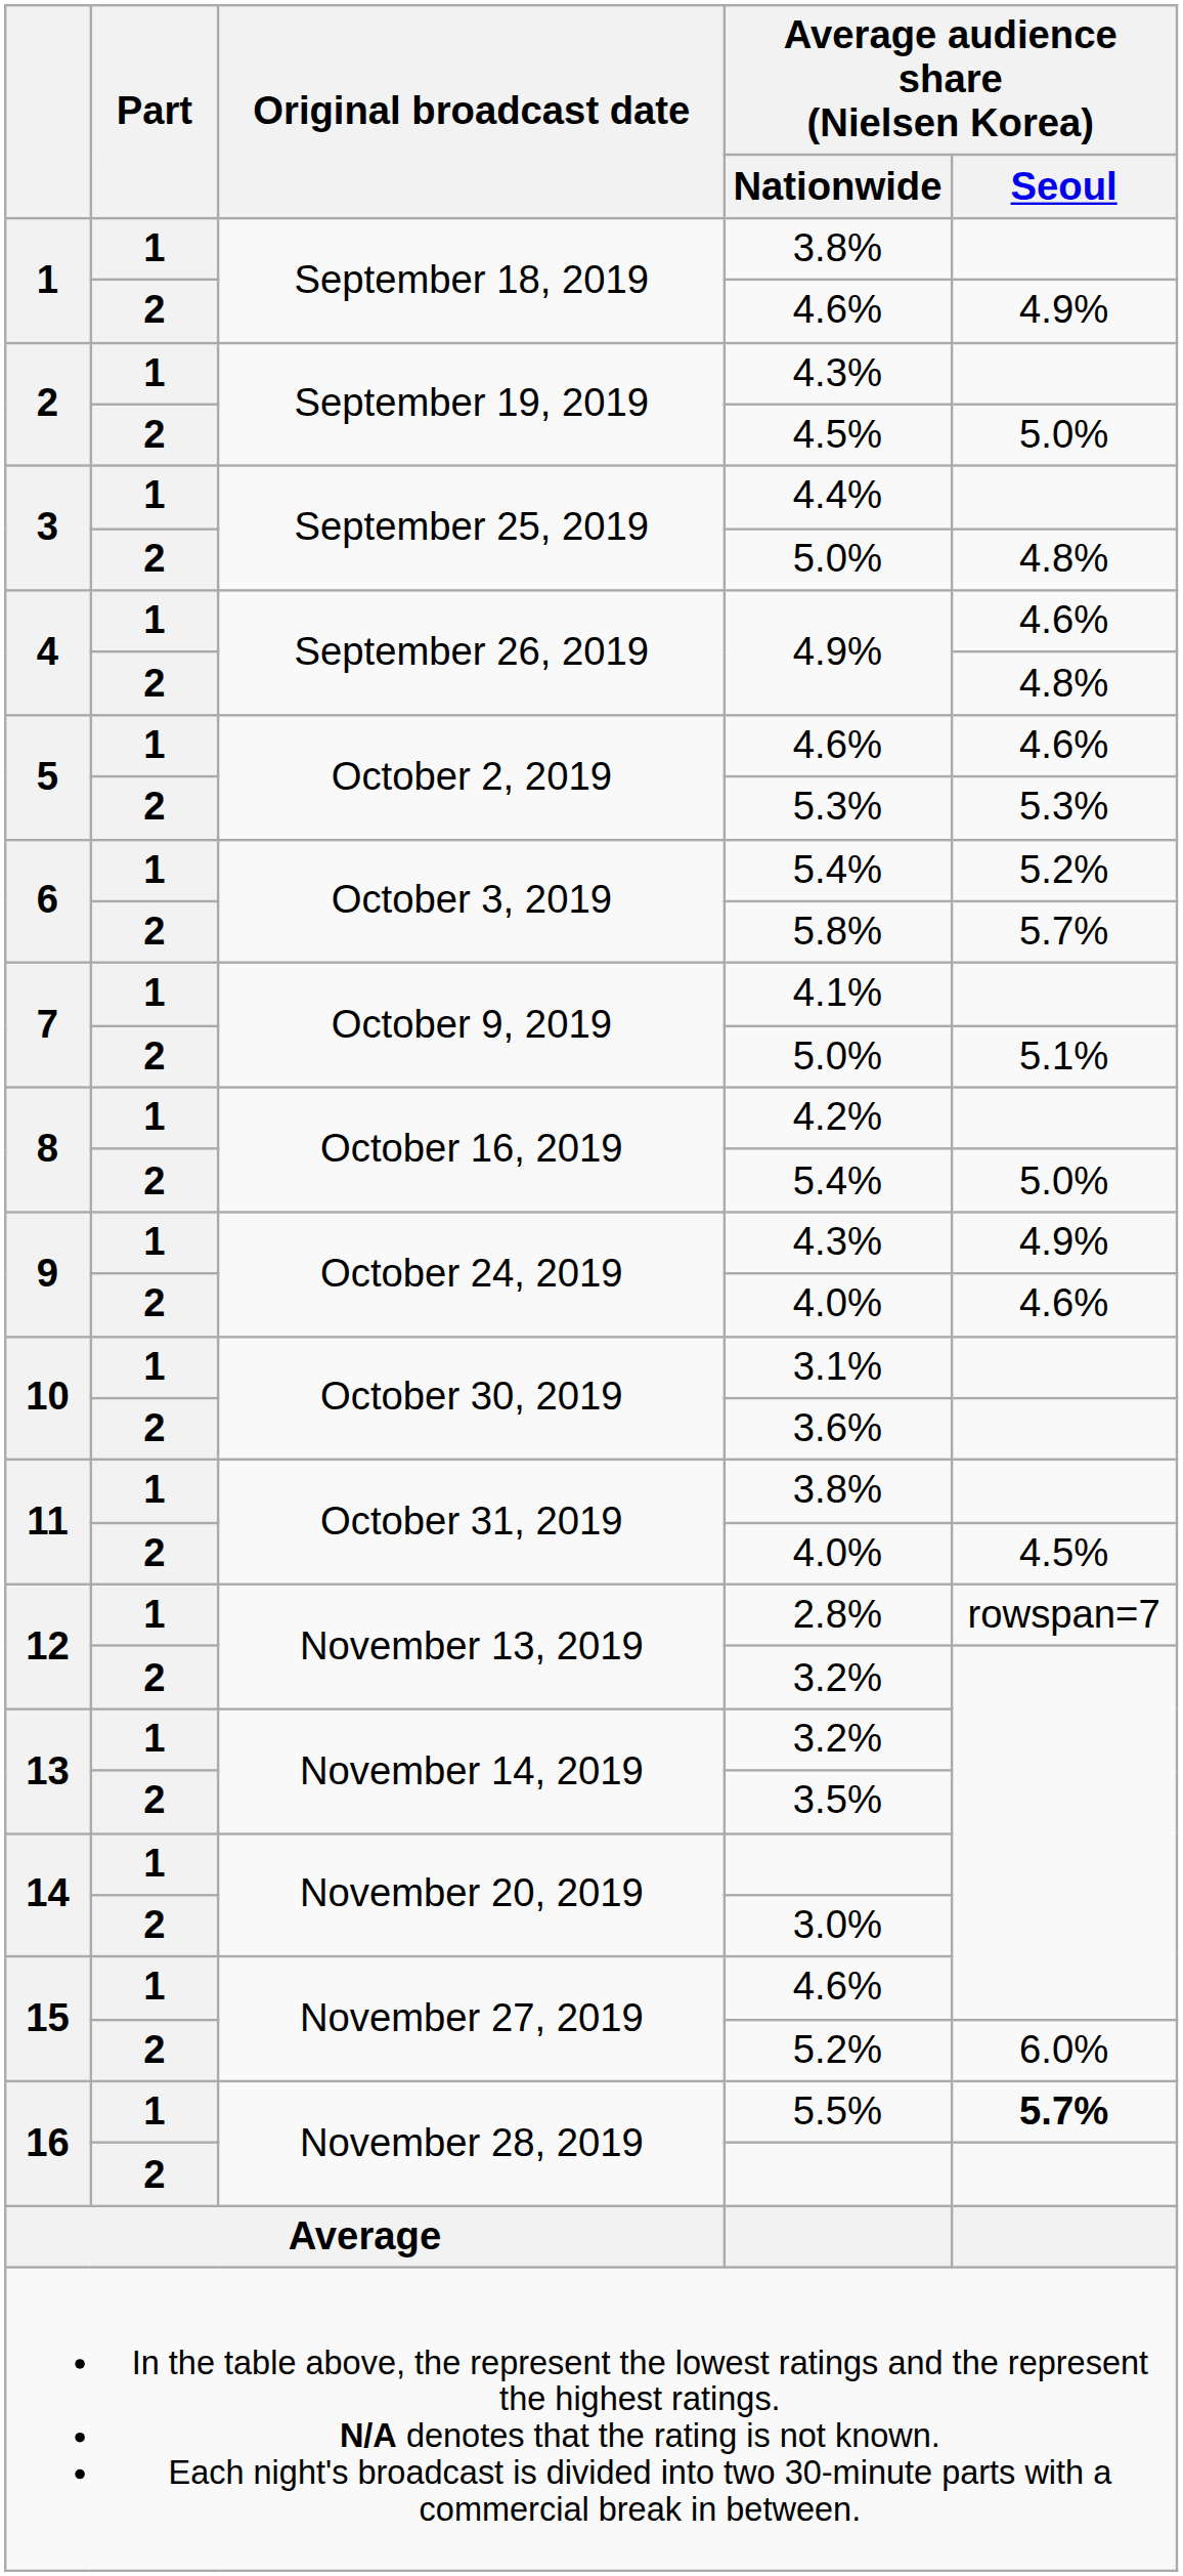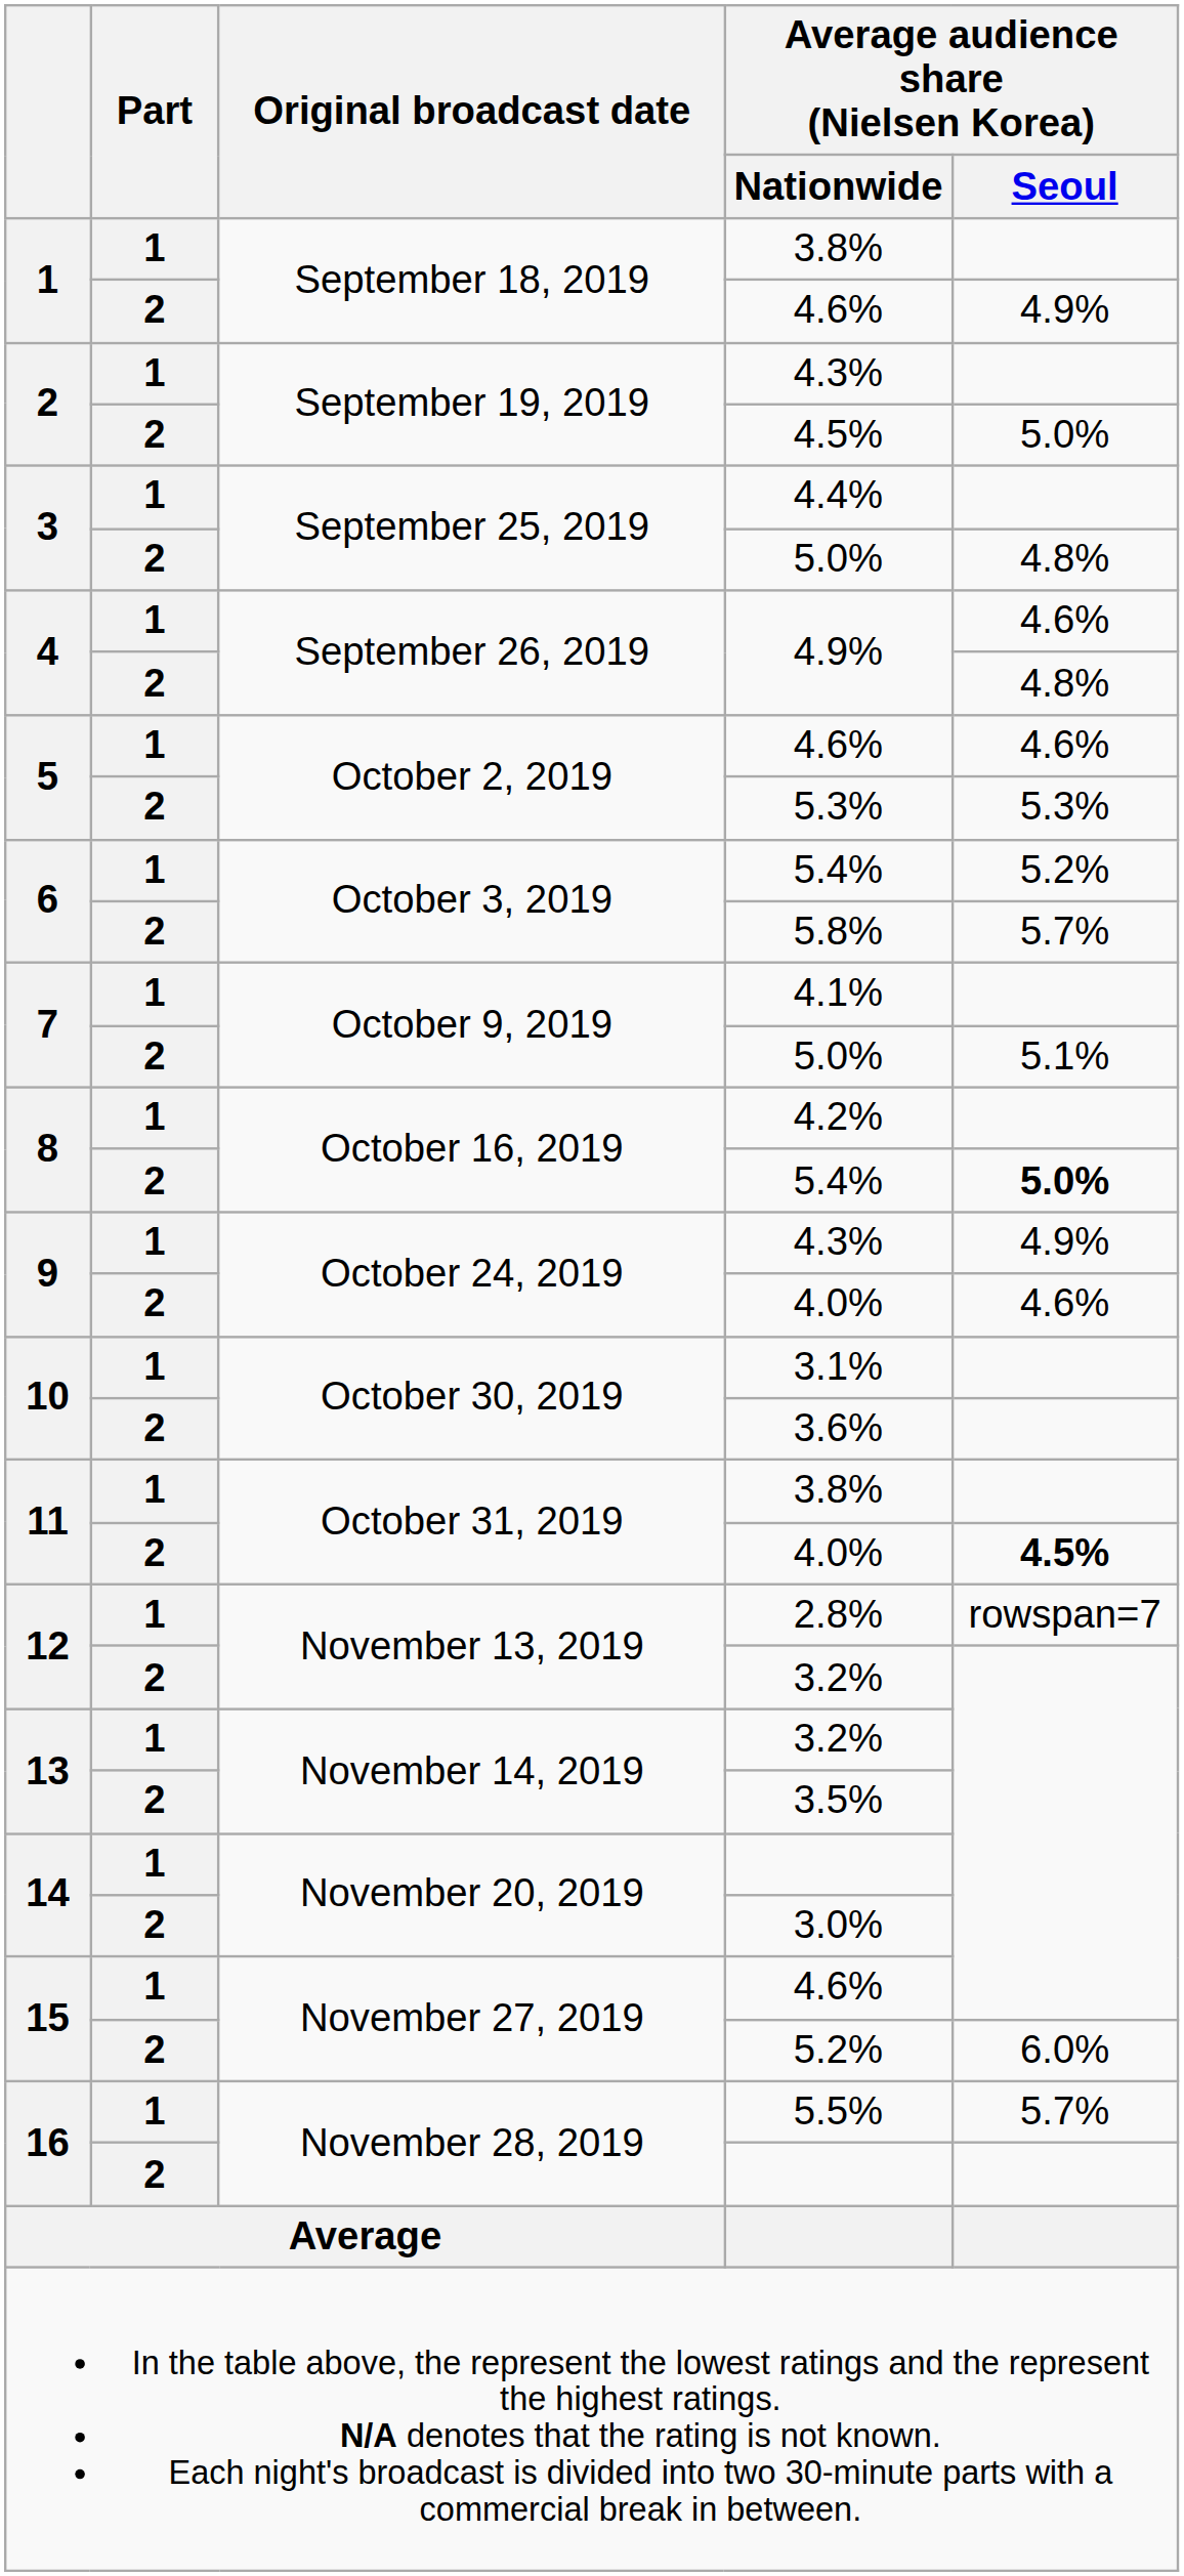 <table class="wikitable" style="text-align:center; width:480px">
 <tr>
 <th rowspan="2"></th>
 <th rowspan="2">Part</th>
 <th rowspan="2">Original broadcast date</th>
 <th colspan="2">Average audience share<br>(Nielsen Korea)</th>
 </tr>
 <tr>
 <th width="85">Nationwide</th>
 <th width="85"><a href='#'>Seoul</a></th>
 </tr>
 <tr>
 <th rowspan="2">1</th>
 <th>1</th>
 <td rowspan="2">September 18, 2019</td>
 <td>3.8%</td>
 <td></td>
 </tr>
 <tr>
 <th>2</th>
 <td>4.6%</td>
 <td>4.9%</td>
 </tr>
 <tr>
 <th rowspan="2">2</th>
 <th>1</th>
 <td rowspan="2">September 19, 2019</td>
 <td>4.3%</td>
 <td></td>
 </tr>
 <tr>
 <th>2</th>
 <td>4.5%</td>
 <td>5.0%</td>
 </tr>
 <tr>
 <th rowspan="2">3</th>
 <th>1</th>
 <td rowspan="2">September 25, 2019</td>
 <td>4.4%</td>
 <td></td>
 </tr>
 <tr>
 <th>2</th>
 <td>5.0%</td>
 <td>4.8%</td>
 </tr>
 <tr>
 <th rowspan="2">4</th>
 <th>1</th>
 <td rowspan="2">September 26, 2019</td>
 <td rowspan="2">4.9%</td>
 <td>4.6%</td>
 </tr>
 <tr>
 <th>2</th>
 <td>4.8%</td>
 </tr>
 <tr>
 <th rowspan="2">5</th>
 <th>1</th>
 <td rowspan="2">October 2, 2019</td>
 <td>4.6%</td>
 <td>4.6%</td>
 </tr>
 <tr>
 <th>2</th>
 <td>5.3%</td>
 <td>5.3%</td>
 </tr>
 <tr>
 <th rowspan="2">6</th>
 <th>1</th>
 <td rowspan="2">October 3, 2019</td>
 <td>5.4%</td>
 <td>5.2%</td>
 </tr>
 <tr>
 <th>2</th>
 <td>5.8%</td>
 <td>5.7%</td>
 </tr>
 <tr>
 <th rowspan="2">7</th>
 <th>1</th>
 <td rowspan="2">October 9, 2019</td>
 <td>4.1%</td>
 <td></td>
 </tr>
 <tr>
 <th>2</th>
 <td>5.0%</td>
 <td>5.1%</td>
 </tr>
 <tr>
 <th rowspan="2">8</th>
 <th>1</th>
 <td rowspan="2">October 16, 2019</td>
 <td>4.2%</td>
 <td></td>
 </tr>
 <tr>
 <th>2</th>
 <td>5.4%</td>
-<td>5.0%</td>
+<td><strong>5.0%</strong></td>
 </tr>
 <tr>
 <th rowspan="2">9</th>
 <th>1</th>
 <td rowspan="2">October 24, 2019</td>
 <td>4.3%</td>
 <td>4.9%</td>
 </tr>
 <tr>
 <th>2</th>
 <td>4.0%</td>
 <td>4.6%</td>
 </tr>
 <tr>
 <th rowspan="2">10</th>
 <th>1</th>
 <td rowspan="2">October 30, 2019</td>
 <td>3.1%</td>
 <td></td>
 </tr>
 <tr>
 <th>2</th>
 <td>3.6%</td>
 <td></td>
 </tr>
 <tr>
 <th rowspan="2">11</th>
 <th>1</th>
 <td rowspan="2">October 31, 2019</td>
 <td>3.8%</td>
 <td></td>
 </tr>
 <tr>
 <th>2</th>
 <td>4.0%</td>
-<td>4.5%</td>
+<td><strong>4.5%</strong></td>
 </tr>
 <tr>
 <th rowspan="2">12</th>
 <th>1</th>
 <td rowspan="2">November 13, 2019</td>
 <td>2.8%</td>
 <td>rowspan=7 </td>
 </tr>
 <tr>
 <th>2</th>
 <td>3.2%</td>
 </tr>
 <tr>
 <th rowspan="2">13</th>
 <th>1</th>
 <td rowspan="2">November 14, 2019</td>
 <td>3.2%</td>
 </tr>
 <tr>
 <th>2</th>
 <td>3.5%</td>
 </tr>
 <tr>
 <th rowspan="2">14</th>
 <th>1</th>
 <td rowspan="2">November 20, 2019</td>
 <td></td>
 </tr>
 <tr>
 <th>2</th>
 <td>3.0%</td>
 </tr>
 <tr>
 <th rowspan="2">15</th>
 <th>1</th>
 <td rowspan="2">November 27, 2019</td>
 <td>4.6%</td>
 </tr>
 <tr>
 <th>2</th>
 <td>5.2%</td>
 <td>6.0%</td>
 </tr>
 <tr>
 <th rowspan="2">16</th>
 <th>1</th>
 <td rowspan="2">November 28, 2019</td>
 <td>5.5%</td>
-<td><strong>5.7%</strong></td>
+<td>5.7%</td>
 </tr>
 <tr>
 <th>2</th>
 <td></td>
 <td></td>
 </tr>
 <tr>
 <th colspan="3">Average</th>
 <th></th>
 <th></th>
 </tr>
 <tr>
 <td colspan="5" style="font-size:85%"><br><ul><li>In the table above, the <strong></strong> represent the lowest ratings and the <strong></strong> represent the highest ratings.</li><li><strong>N/A</strong> denotes that the rating is not known.</li><li>Each night's broadcast is divided into two 30-minute parts with a commercial break in between.</li></ul></td>
 </tr>
 </table>
